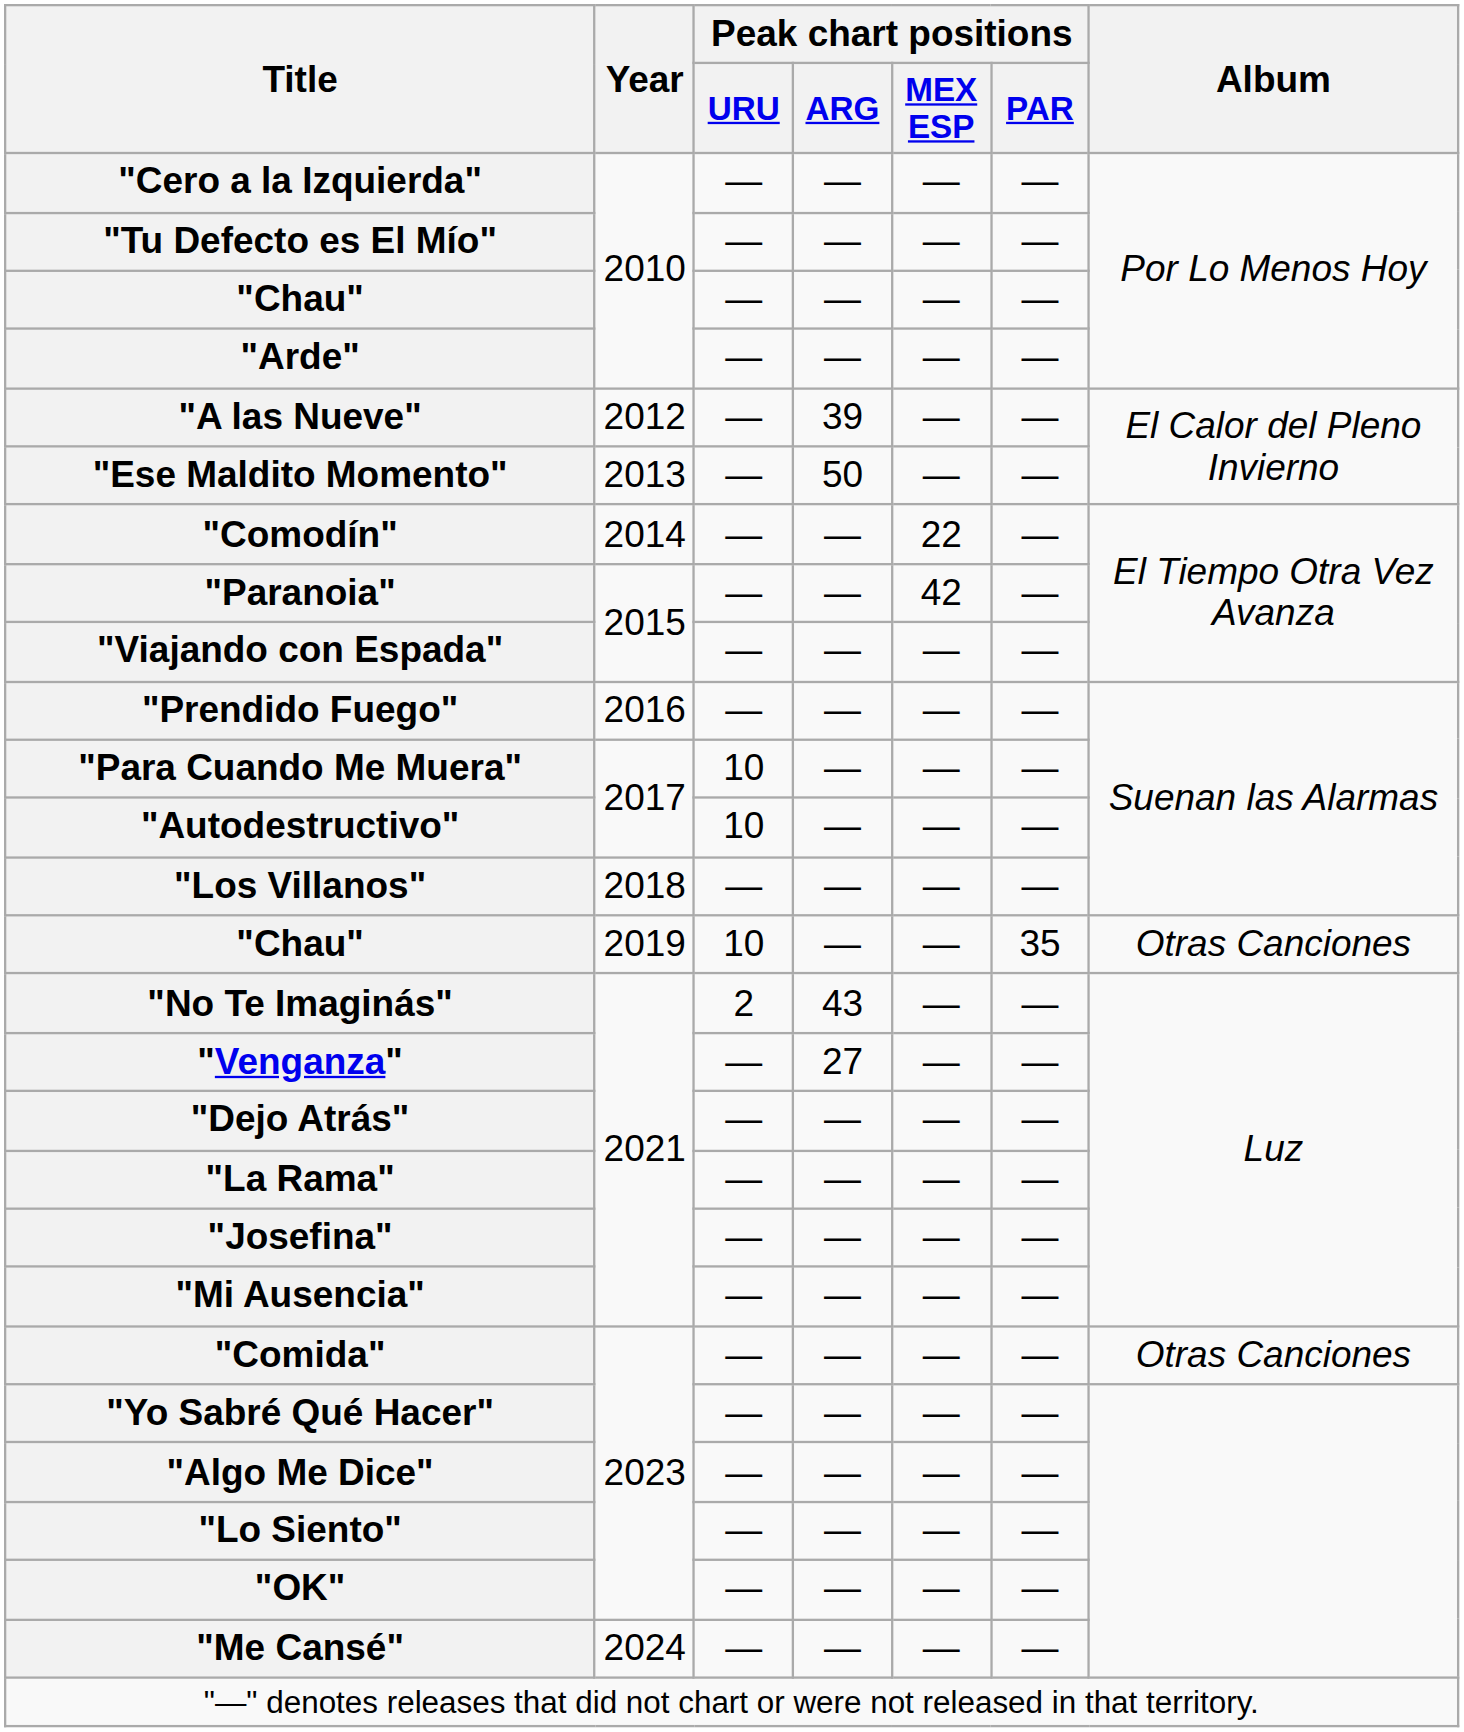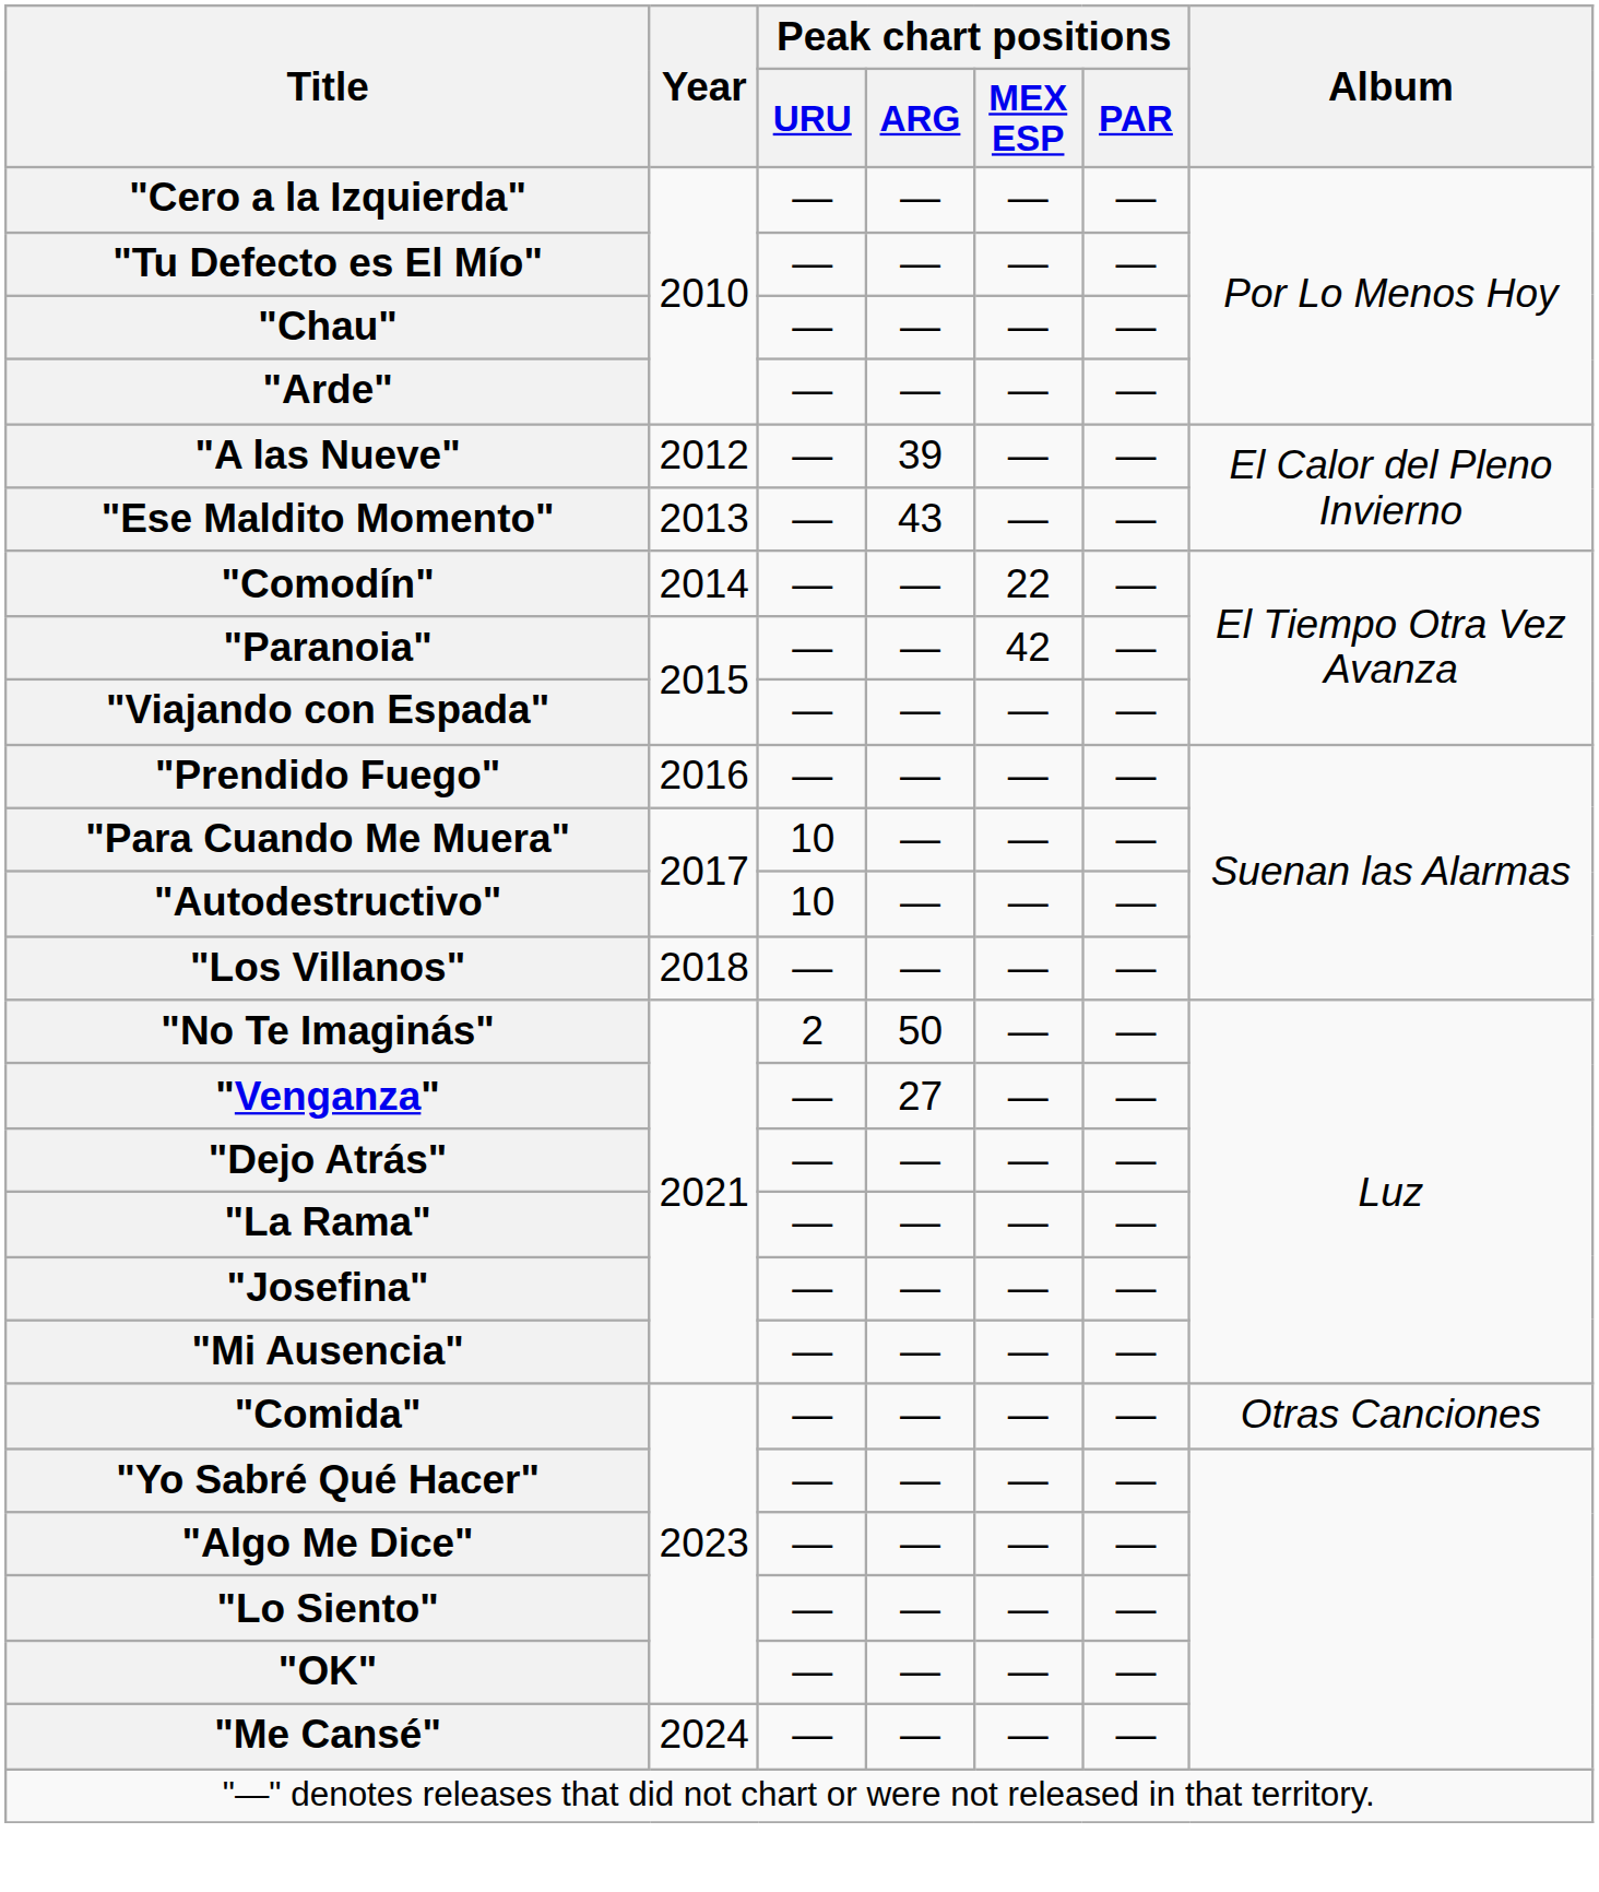 <table class="wikitable plainrowheaders" style="text-align:center;">
 <tr>
 <th scope="col" rowspan="2" style="width:15.5em;">Title</th>
 <th scope="col" rowspan="2" style="width:1em;">Year</th>
 <th scope="col" colspan="4">Peak chart positions</th>
 <th scope="col" rowspan="2" style="width:9.5em;">Album</th>
 </tr>
 <tr>
 <th scope="col" style="width:2.5em;font-size:90%;"><a href='#'>URU</a><br></th>
 <th scope="col" style="width:2.5em;font-size:90%;"><a href='#'>ARG</a><br></th>
 <th scope="col" style="width:2.5em;font-size:90%;"><a href='#'>MEX<br>ESP</a><br></th>
 <th scope="col" style="width:2.5em;font-size:90%;"><a href='#'>PAR</a><br></th>
 </tr>
 <tr>
 <th scope="row">"Cero a la Izquierda"</th>
 <td rowspan="4">2010</td>
 <td>—</td>
 <td>—</td>
 <td>—</td>
 <td>—</td>
 <td rowspan="4"><em>Por Lo Menos Hoy</em></td>
 </tr>
 <tr>
 <th scope="row">"Tu Defecto es El Mío"</th>
 <td>—</td>
 <td>—</td>
 <td>—</td>
 <td>—</td>
 </tr>
 <tr>
 <th scope="row">"Chau"</th>
 <td>—</td>
 <td>—</td>
 <td>—</td>
 <td>—</td>
 </tr>
 <tr>
 <th scope="row">"Arde"</th>
 <td>—</td>
 <td>—</td>
 <td>—</td>
 <td>—</td>
 </tr>
 <tr>
 <th scope="row">"A las Nueve"</th>
 <td>2012</td>
 <td>—</td>
 <td>39</td>
 <td>—</td>
 <td>—</td>
 <td rowspan="2"><em>El Calor del Pleno Invierno</em></td>
 </tr>
 <tr>
 <th scope="row">"Ese Maldito Momento"</th>
 <td>2013</td>
 <td>—</td>
-<td>50</td>
+<td>43</td>
 <td>—</td>
 <td>—</td>
 </tr>
 <tr>
 <th scope="row">"Comodín" <br> </th>
 <td>2014</td>
 <td>—</td>
 <td>—</td>
 <td>22</td>
 <td>—</td>
 <td rowspan="3"><em>El Tiempo Otra Vez Avanza</em></td>
 </tr>
 <tr>
 <th scope="row">"Paranoia"</th>
 <td rowspan="2">2015</td>
 <td>—</td>
 <td>—</td>
 <td>42</td>
 <td>—</td>
 </tr>
 <tr>
 <th scope="row">"Viajando con Espada"</th>
 <td>—</td>
 <td>—</td>
 <td>—</td>
 <td>—</td>
 </tr>
 <tr>
 <th scope="row">"Prendido Fuego"</th>
 <td>2016</td>
 <td>—</td>
 <td>—</td>
 <td>—</td>
 <td>—</td>
 <td rowspan="4"><em>Suenan las Alarmas</em></td>
 </tr>
 <tr>
 <th scope="row">"Para Cuando Me Muera"</th>
 <td rowspan="2">2017</td>
 <td>10</td>
 <td>—</td>
 <td>—</td>
 <td>—</td>
 </tr>
 <tr>
 <th scope="row">"Autodestructivo"</th>
 <td>10</td>
 <td>—</td>
 <td>—</td>
 <td>—</td>
 </tr>
 <tr>
 <th scope="row">"Los Villanos"</th>
 <td>2018</td>
 <td>—</td>
 <td>—</td>
 <td>—</td>
 <td>—</td>
 </tr>
 <tr>
-<th scope="row">"Chau" <br> </th>
-<td>2019</td>
-<td>10</td>
-<td>—</td>
-<td>—</td>
-<td>35</td>
-<td><em>Otras Canciones</em></td>
-</tr>
-<tr>
 <th scope="row">"No Te Imaginás"</th>
 <td rowspan="6">2021</td>
 <td>2</td>
-<td>43</td>
+<td>50</td>
 <td>—</td>
 <td>—</td>
 <td rowspan="6"><em>Luz</em></td>
 </tr>
 <tr>
 <th scope="row">"<a href='#'>Venganza</a>" <br> </th>
 <td>—</td>
 <td>27</td>
 <td>—</td>
 <td>—</td>
 </tr>
 <tr>
 <th scope="row">"Dejo Atrás"</th>
 <td>—</td>
 <td>—</td>
 <td>—</td>
 <td>—</td>
 </tr>
 <tr>
 <th scope="row">"La Rama"</th>
 <td>—</td>
 <td>—</td>
 <td>—</td>
 <td>—</td>
 </tr>
 <tr>
 <th scope="row">"Josefina"</th>
 <td>—</td>
 <td>—</td>
 <td>—</td>
 <td>—</td>
 </tr>
 <tr>
 <th scope="row">"Mi Ausencia"</th>
 <td>—</td>
 <td>—</td>
 <td>—</td>
 <td>—</td>
 </tr>
 <tr>
 <th scope="row">"Comida"<br></th>
 <td rowspan="5">2023</td>
 <td>—</td>
 <td>—</td>
 <td>—</td>
 <td>—</td>
 <td><em>Otras Canciones</em></td>
 </tr>
 <tr>
 <th scope="row">"Yo Sabré Qué Hacer"<br></th>
 <td>—</td>
 <td>—</td>
 <td>—</td>
 <td>—</td>
 </tr>
 <tr>
 <th scope="row">"Algo Me Dice"<br></th>
 <td>—</td>
 <td>—</td>
 <td>—</td>
 <td>—</td>
 </tr>
 <tr>
 <th scope="row">"Lo Siento"<br></th>
 <td>—</td>
 <td>—</td>
 <td>—</td>
 <td>—</td>
 </tr>
 <tr>
 <th scope="row">"OK"<br></th>
 <td>—</td>
 <td>—</td>
 <td>—</td>
 <td>—</td>
 </tr>
 <tr>
 <th scope="row">"Me Cansé"<br></th>
 <td>2024</td>
 <td>—</td>
 <td>—</td>
 <td>—</td>
 <td>—</td>
 </tr>
 <tr>
 <td colspan="7" style="font-size:85%">"—" denotes releases that did not chart or were not released in that territory.</td>
 </tr>
 </table>
